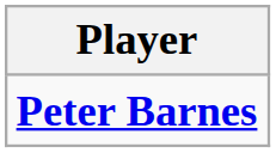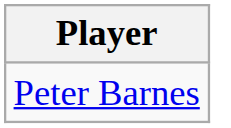 <table class="wikitable">
 <tr>
 <th>Player</th>
 </tr>
 <tr>
-<td><strong> <a href='#'>Peter Barnes</a></strong></td>
+<td> <a href='#'>Peter Barnes</a></td>
 </tr>
 </table>
